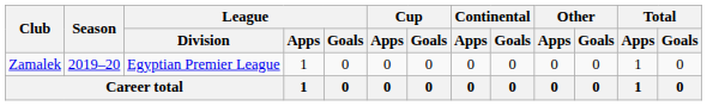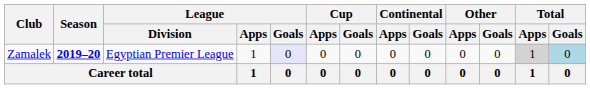 <table class="wikitable" style="text-align: center">
 <tr>
 <th rowspan="2">Club</th>
 <th rowspan="2">Season</th>
 <th colspan="3">League</th>
 <th colspan="2">Cup</th>
 <th colspan="2">Continental</th>
 <th colspan="2">Other</th>
 <th colspan="2">Total</th>
 </tr>
 <tr>
 <th>Division</th>
 <th>Apps</th>
 <th>Goals</th>
 <th>Apps</th>
 <th>Goals</th>
 <th>Apps</th>
 <th>Goals</th>
 <th>Apps</th>
 <th>Goals</th>
 <th>Apps</th>
 <th>Goals</th>
 </tr>
 <tr>
 <td><a href='#'>Zamalek</a></td>
-<td><a href='#'>2019–20</a></td>
+<td><strong><a href='#'>2019–20</a></strong></td>
 <td><a href='#'>Egyptian Premier League</a></td>
 <td>1</td>
+<td style="background: lavender;">0</td>
 <td>0</td>
 <td>0</td>
 <td>0</td>
 <td>0</td>
 <td>0</td>
 <td>0</td>
-<td>0</td>
-<td>1</td>
-<td>0</td>
+<td style="background: lightgrey;">1</td>
+<td style="background: lightblue;">0</td>
 </tr>
 <tr>
 <th colspan=3>Career total</th>
 <th>1</th>
 <th>0</th>
 <th>0</th>
 <th>0</th>
 <th>0</th>
 <th>0</th>
 <th>0</th>
 <th>0</th>
 <th>1</th>
 <th>0</th>
 </tr>
 </table>
